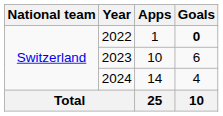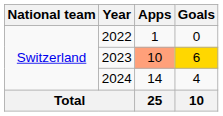 <table class=wikitable style="text-align: center;">
 <tr>
 <th>National team</th>
 <th>Year</th>
 <th>Apps</th>
 <th>Goals</th>
 </tr>
 <tr>
 <td rowspan="3"><a href='#'>Switzerland</a></td>
 <td>2022</td>
 <td>1</td>
-<td><strong>0</strong></td>
+<td>0</td>
 </tr>
 <tr>
 <td>2023</td>
-<td>10</td>
-<td>6</td>
+<td style="background: lightsalmon;">10</td>
+<td style="background: gold;">6</td>
 </tr>
 <tr>
 <td>2024</td>
 <td>14</td>
 <td>4</td>
 </tr>
 <tr>
 <th colspan="2">Total</th>
 <th>25</th>
 <th>10</th>
 </tr>
 </table>
